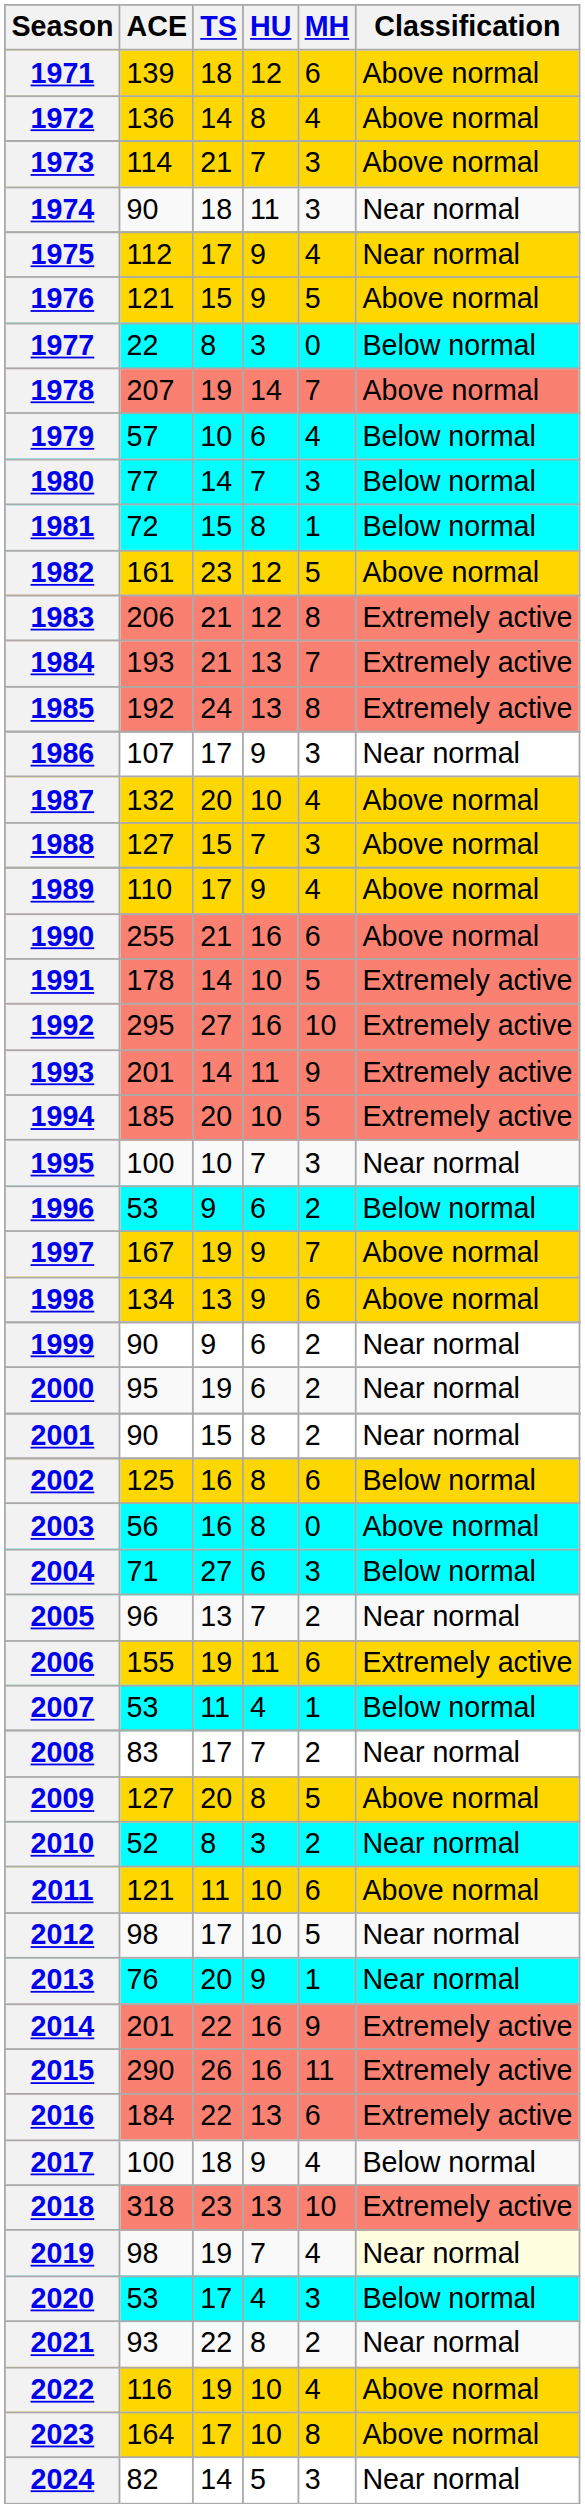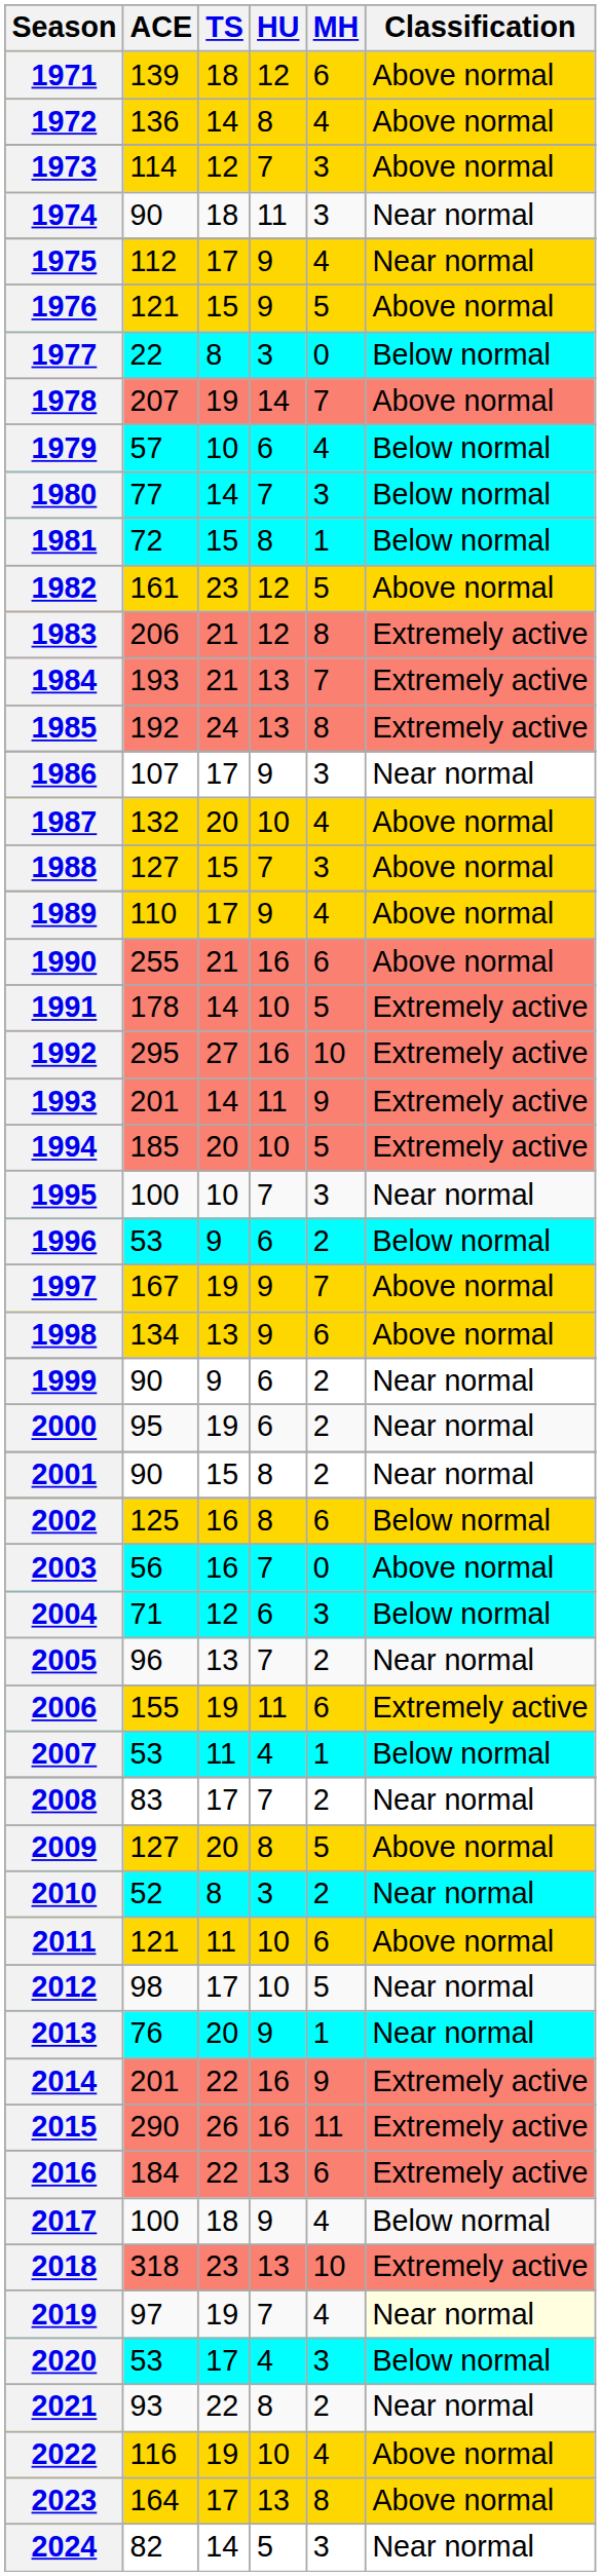 <table class="wikitable sortable mw-collapsible">
 <tr>
 <th scope="col">Season</th>
 <th scope="col">ACE</th>
 <th scope="col"><a href='#'>TS</a></th>
 <th scope="col"><a href='#'>HU</a></th>
 <th scope="col"><a href='#'>MH</a></th>
 <th scope="col">Classification</th>
 </tr>
 <tr style="background:gold;">
 <th><a href='#'>1971</a></th>
 <td>139</td>
 <td>18</td>
 <td>12</td>
 <td>6</td>
 <td>Above normal</td>
 </tr>
 <tr style="background:gold;">
 <th><a href='#'>1972</a></th>
 <td>136</td>
 <td>14</td>
 <td>8</td>
 <td>4</td>
 <td>Above normal</td>
 </tr>
 <tr>
 </tr>
 <tr style="background:Gold;">
 <th><a href='#'>1973</a></th>
 <td>114</td>
-<td>21</td>
+<td>12</td>
 <td>7</td>
 <td>3</td>
 <td>Above normal</td>
 </tr>
 <tr>
 <th><a href='#'>1974</a></th>
 <td>90</td>
 <td>18</td>
 <td>11</td>
 <td>3</td>
 <td>Near normal</td>
 </tr>
 <tr>
 </tr>
 <tr style="background:Gold;">
 <th><a href='#'>1975</a></th>
 <td>112</td>
 <td>17</td>
 <td>9</td>
 <td>4</td>
 <td>Near normal</td>
 </tr>
 <tr style="background:Gold;">
 <th><a href='#'>1976</a></th>
 <td>121</td>
 <td>15</td>
 <td>9</td>
 <td>5</td>
 <td>Above normal</td>
 </tr>
 <tr style="background:Cyan;">
 <th><a href='#'>1977</a></th>
 <td>22</td>
 <td>8</td>
 <td>3</td>
 <td>0</td>
 <td>Below normal</td>
 </tr>
 <tr style="background:Salmon;">
 <th><a href='#'>1978</a></th>
 <td>207</td>
 <td>19</td>
 <td>14</td>
 <td>7</td>
 <td>Above normal</td>
 </tr>
 <tr style="background:Cyan;">
 <th><a href='#'>1979</a></th>
 <td>57</td>
 <td>10</td>
 <td>6</td>
 <td>4</td>
 <td>Below normal</td>
 </tr>
 <tr style="background:cyan;">
 <th><a href='#'>1980</a></th>
 <td>77</td>
 <td>14</td>
 <td>7</td>
 <td>3</td>
 <td>Below normal</td>
 </tr>
 <tr style="background:Cyan;">
 <th><a href='#'>1981</a></th>
 <td>72</td>
 <td>15</td>
 <td>8</td>
 <td>1</td>
 <td>Below normal</td>
 </tr>
 <tr style="background:Gold;">
 <th><a href='#'>1982</a></th>
 <td>161</td>
 <td>23</td>
 <td>12</td>
 <td>5</td>
 <td>Above normal</td>
 </tr>
 <tr style="background:Salmon;">
 <th><a href='#'>1983</a></th>
 <td>206</td>
 <td>21</td>
 <td>12</td>
 <td>8</td>
 <td>Extremely active</td>
 </tr>
 <tr style="background:Salmon;">
 <th><a href='#'>1984</a></th>
 <td>193</td>
 <td>21</td>
 <td>13</td>
 <td>7</td>
 <td>Extremely active</td>
 </tr>
 <tr style="background:Salmon;">
 <th><a href='#'>1985</a></th>
 <td>192</td>
 <td>24</td>
 <td>13</td>
 <td>8</td>
 <td>Extremely active</td>
 </tr>
 <tr>
 </tr>
 <tr style="background:white;">
 <th><a href='#'>1986</a></th>
 <td>107</td>
 <td>17</td>
 <td>9</td>
 <td>3</td>
 <td>Near normal</td>
 </tr>
 <tr style="background:Gold;">
 <th><a href='#'>1987</a></th>
 <td>132</td>
 <td>20</td>
 <td>10</td>
 <td>4</td>
 <td>Above normal</td>
 </tr>
 <tr style="background:Gold;">
 <th><a href='#'>1988</a></th>
 <td>127</td>
 <td>15</td>
 <td>7</td>
 <td>3</td>
 <td>Above normal</td>
 </tr>
 <tr>
 </tr>
 <tr style="background:Gold;">
 <th><a href='#'>1989</a></th>
 <td>110</td>
 <td>17</td>
 <td>9</td>
 <td>4</td>
 <td>Above normal</td>
 </tr>
 <tr style="background:Salmon;">
 <th><a href='#'>1990</a></th>
 <td>255</td>
 <td>21</td>
 <td>16</td>
 <td>6</td>
 <td>Above normal</td>
 </tr>
 <tr style="background:Salmon;">
 <th><a href='#'>1991</a></th>
 <td>178</td>
 <td>14</td>
 <td>10</td>
 <td>5</td>
 <td>Extremely active</td>
 </tr>
 <tr style="background:Salmon;">
 <th><a href='#'>1992</a></th>
 <td>295</td>
 <td>27</td>
 <td>16</td>
 <td>10</td>
 <td>Extremely active</td>
 </tr>
 <tr style="background:Salmon;">
 <th><a href='#'>1993</a></th>
 <td>201</td>
 <td>14</td>
 <td>11</td>
 <td>9</td>
 <td>Extremely active</td>
 </tr>
 <tr style="background:Salmon;">
 <th><a href='#'>1994</a></th>
 <td>185</td>
 <td>20</td>
 <td>10</td>
 <td>5</td>
 <td>Extremely active</td>
 </tr>
 <tr>
 <th><a href='#'>1995</a></th>
 <td>100</td>
 <td>10</td>
 <td>7</td>
 <td>3</td>
 <td>Near normal</td>
 </tr>
 <tr style="background:cyan;">
 <th><a href='#'>1996</a></th>
 <td>53</td>
 <td>9</td>
 <td>6</td>
 <td>2</td>
 <td>Below normal</td>
 </tr>
 <tr style="background:gold;">
 <th><a href='#'>1997</a></th>
 <td>167</td>
 <td>19</td>
 <td>9</td>
 <td>7</td>
 <td>Above normal</td>
 </tr>
 <tr style="background:gold;">
 <th><a href='#'>1998</a></th>
 <td>134</td>
 <td>13</td>
 <td>9</td>
 <td>6</td>
 <td>Above normal</td>
 </tr>
 <tr>
 </tr>
 <tr style="background:white;">
 <th><a href='#'>1999</a></th>
 <td>90</td>
 <td>9</td>
 <td>6</td>
 <td>2</td>
 <td>Near normal</td>
 </tr>
 <tr>
 <th><a href='#'>2000</a></th>
 <td>95</td>
 <td>19</td>
 <td>6</td>
 <td>2</td>
 <td>Near normal</td>
 </tr>
 <tr>
 </tr>
 <tr style="background:white;">
 <th><a href='#'>2001</a></th>
 <td>90</td>
 <td>15</td>
 <td>8</td>
 <td>2</td>
 <td>Near normal</td>
 </tr>
 <tr>
 </tr>
 <tr style="background:gold;">
 <th><a href='#'>2002</a></th>
 <td>125</td>
 <td>16</td>
 <td>8</td>
 <td>6</td>
 <td>Below normal</td>
 </tr>
 <tr style="background:Cyan;">
 <th><a href='#'>2003</a></th>
 <td>56</td>
 <td>16</td>
-<td>8</td>
+<td>7</td>
 <td>0</td>
 <td>Above normal</td>
 </tr>
 <tr style="background:Cyan;">
 <th><a href='#'>2004</a></th>
 <td>71</td>
-<td>27</td>
+<td>12</td>
 <td>6</td>
 <td>3</td>
 <td>Below normal</td>
 </tr>
 <tr>
 <th><a href='#'>2005</a></th>
 <td>96</td>
 <td>13</td>
 <td>7</td>
 <td>2</td>
 <td>Near normal</td>
 </tr>
 <tr style="background:gold;">
 <th><a href='#'>2006</a></th>
 <td>155</td>
 <td>19</td>
 <td>11</td>
 <td>6</td>
 <td>Extremely active</td>
 </tr>
 <tr style="background:Cyan;">
 <th><a href='#'>2007</a></th>
 <td>53</td>
 <td>11</td>
 <td>4</td>
 <td>1</td>
 <td>Below normal</td>
 </tr>
 <tr>
 </tr>
 <tr style="background:white;">
 <th><a href='#'>2008</a></th>
 <td>83</td>
 <td>17</td>
 <td>7</td>
 <td>2</td>
 <td>Near normal</td>
 </tr>
 <tr style="background:Gold;">
 <th><a href='#'>2009</a></th>
 <td>127</td>
 <td>20</td>
 <td>8</td>
 <td>5</td>
 <td>Above normal</td>
 </tr>
 <tr style="background:Cyan;">
 <th><a href='#'>2010</a></th>
 <td>52</td>
 <td>8</td>
 <td>3</td>
 <td>2</td>
 <td>Near normal</td>
 </tr>
 <tr style="background:Gold;">
 <th><a href='#'>2011</a></th>
 <td>121</td>
 <td>11</td>
 <td>10</td>
 <td>6</td>
 <td>Above normal</td>
 </tr>
 <tr>
 <th><a href='#'>2012</a></th>
 <td>98</td>
 <td>17</td>
 <td>10</td>
 <td>5</td>
 <td>Near normal</td>
 </tr>
 <tr style="background:cyan;">
 <th><a href='#'>2013</a></th>
 <td>76</td>
 <td>20</td>
 <td>9</td>
 <td>1</td>
 <td>Near normal</td>
 </tr>
 <tr style="background:Salmon;">
 <th><a href='#'>2014</a></th>
 <td>201</td>
 <td>22</td>
 <td>16</td>
 <td>9</td>
 <td>Extremely active</td>
 </tr>
 <tr style="background:Salmon;">
 <th><a href='#'>2015</a></th>
 <td>290</td>
 <td>26</td>
 <td>16</td>
 <td>11</td>
 <td>Extremely active</td>
 </tr>
 <tr style="background:Salmon;”">
 <th><a href='#'>2016</a></th>
 <td>184</td>
 <td>22</td>
 <td>13</td>
 <td>6</td>
 <td>Extremely active</td>
 </tr>
 <tr>
 <th><a href='#'>2017</a></th>
 <td>100</td>
 <td>18</td>
 <td>9</td>
 <td>4</td>
 <td>Below normal</td>
 </tr>
 <tr style="background:Salmon;">
 <th><a href='#'>2018</a></th>
 <td>318</td>
 <td>23</td>
 <td>13</td>
 <td>10</td>
 <td>Extremely active</td>
 </tr>
 <tr>
 <th><a href='#'>2019</a></th>
-<td>98</td>
+<td>97</td>
 <td>19</td>
 <td>7</td>
 <td>4</td>
 <td style="background: lightyellow;">Near normal</td>
 </tr>
 <tr style="background:Cyan;">
 <th><a href='#'>2020</a></th>
 <td>53</td>
 <td>17</td>
 <td>4</td>
 <td>3</td>
 <td>Below normal</td>
 </tr>
 <tr>
 <th><a href='#'>2021</a></th>
 <td>93</td>
 <td>22</td>
 <td>8</td>
 <td>2</td>
 <td>Near normal</td>
 </tr>
 <tr style="background:Gold;”">
 <th><a href='#'>2022</a></th>
 <td>116</td>
 <td>19</td>
 <td>10</td>
 <td>4</td>
 <td>Above normal</td>
 </tr>
 <tr style="background:gold;”">
 <th><a href='#'>2023</a></th>
 <td>164</td>
 <td>17</td>
-<td>10</td>
+<td>13</td>
 <td>8</td>
 <td>Above normal</td>
 </tr>
 <tr style="background:white;">
 <th><a href='#'>2024</a></th>
 <td>82</td>
 <td>14</td>
 <td>5</td>
 <td>3</td>
 <td>Near normal</td>
 </tr>
 </table>
